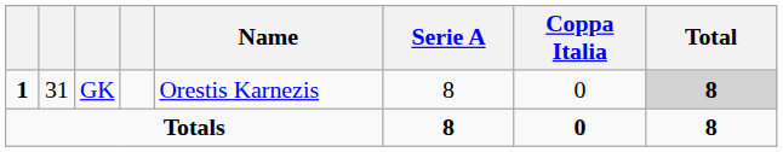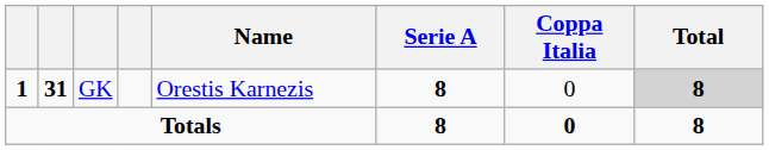 <table class="wikitable" style="text-align:center">
 <tr>
 <th width=15></th>
 <th width=15></th>
 <th width=15></th>
 <th width=15></th>
 <th width=145>Name</th>
 <th width=80><a href='#'>Serie A</a></th>
 <th width=80><a href='#'>Coppa Italia</a></th>
 <th width=80>Total</th>
 </tr>
 <tr>
 <td><strong>1</strong></td>
-<td>31</td>
+<td><strong>31</strong></td>
 <td><a href='#'>GK</a></td>
 <td></td>
 <td align=left><a href='#'>Orestis Karnezis</a></td>
-<td>8</td>
+<td><strong>8</strong></td>
 <td>0</td>
 <td style="background: lightgrey;"><strong>8</strong></td>
 </tr>
 <tr>
 <td colspan=5><strong>Totals</strong></td>
 <td><strong>8</strong></td>
 <td><strong>0</strong></td>
 <td><strong>8</strong></td>
 </tr>
 </table>
